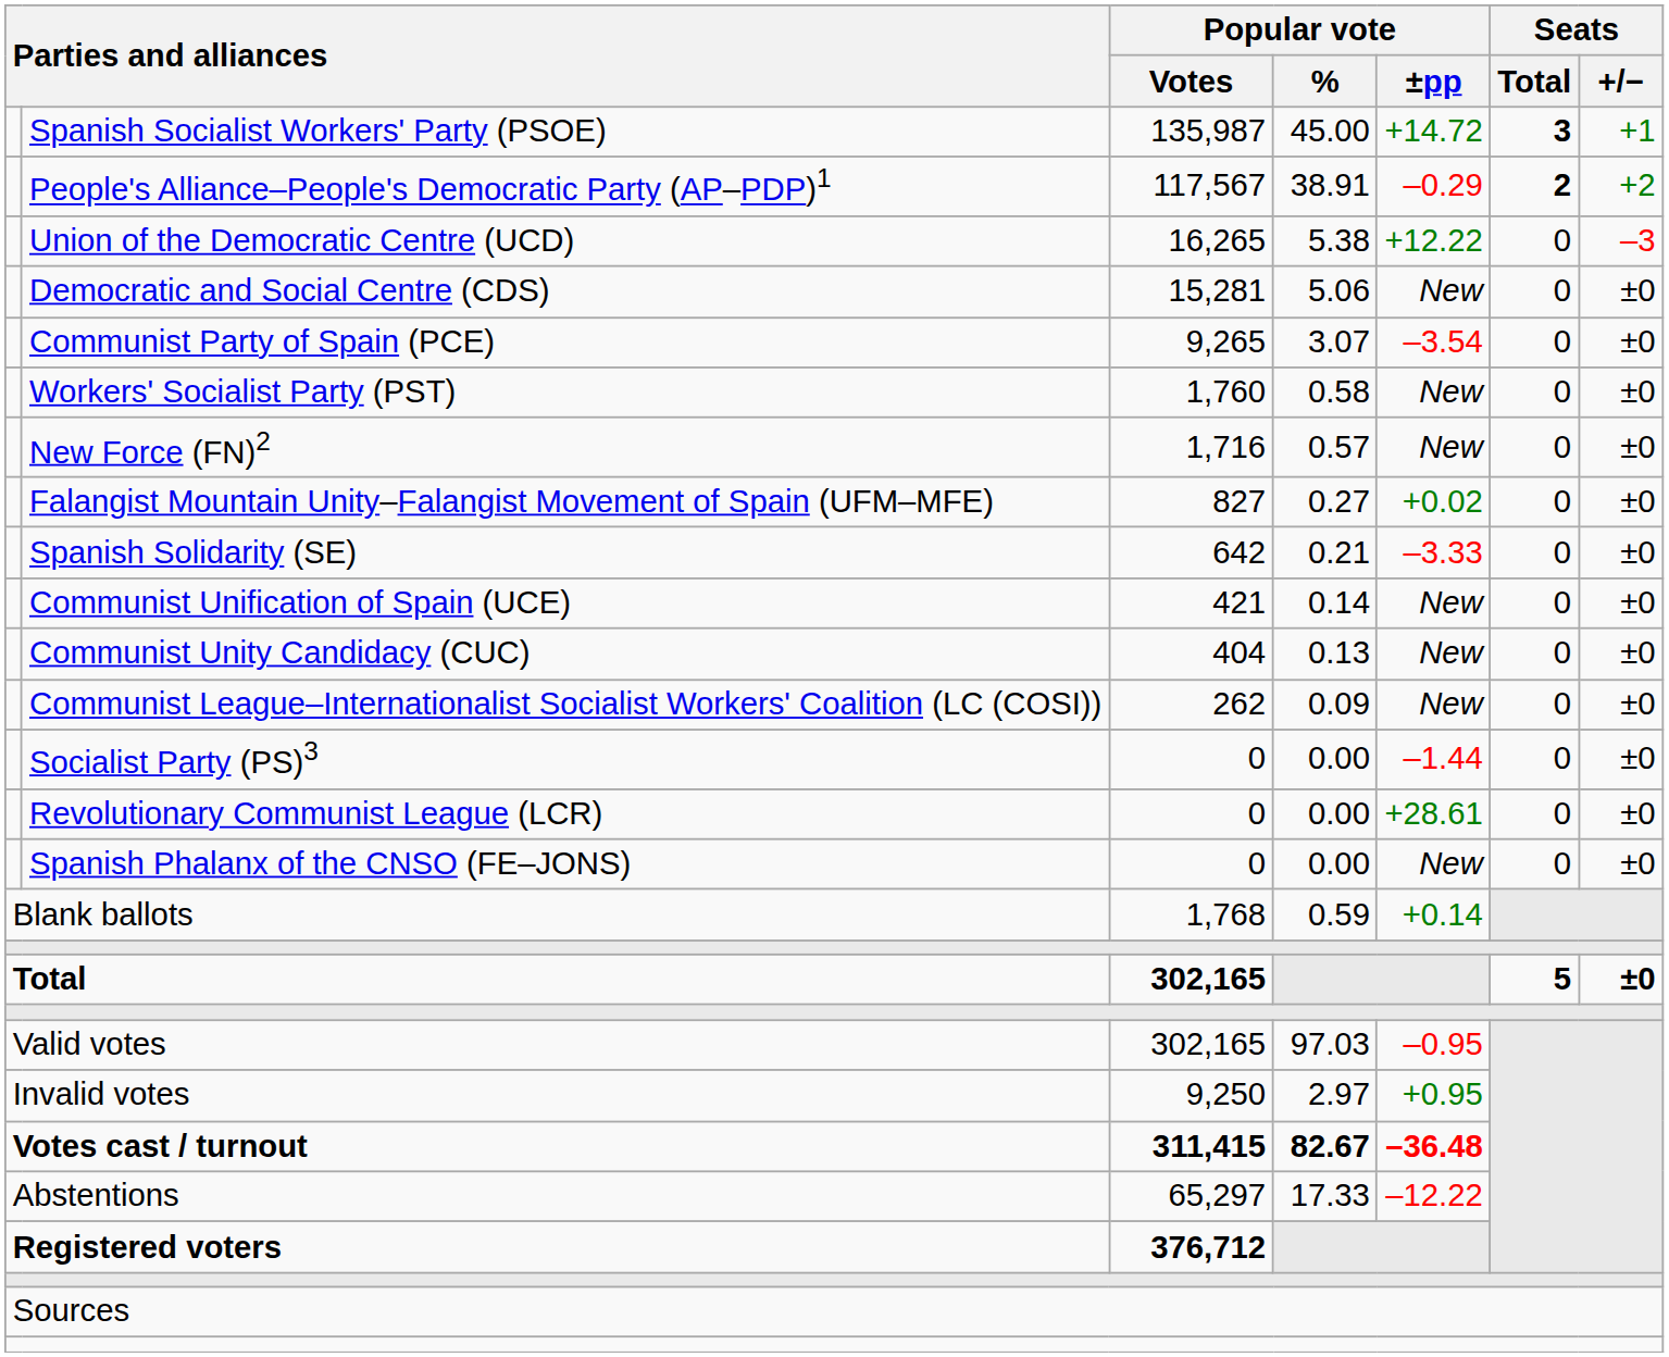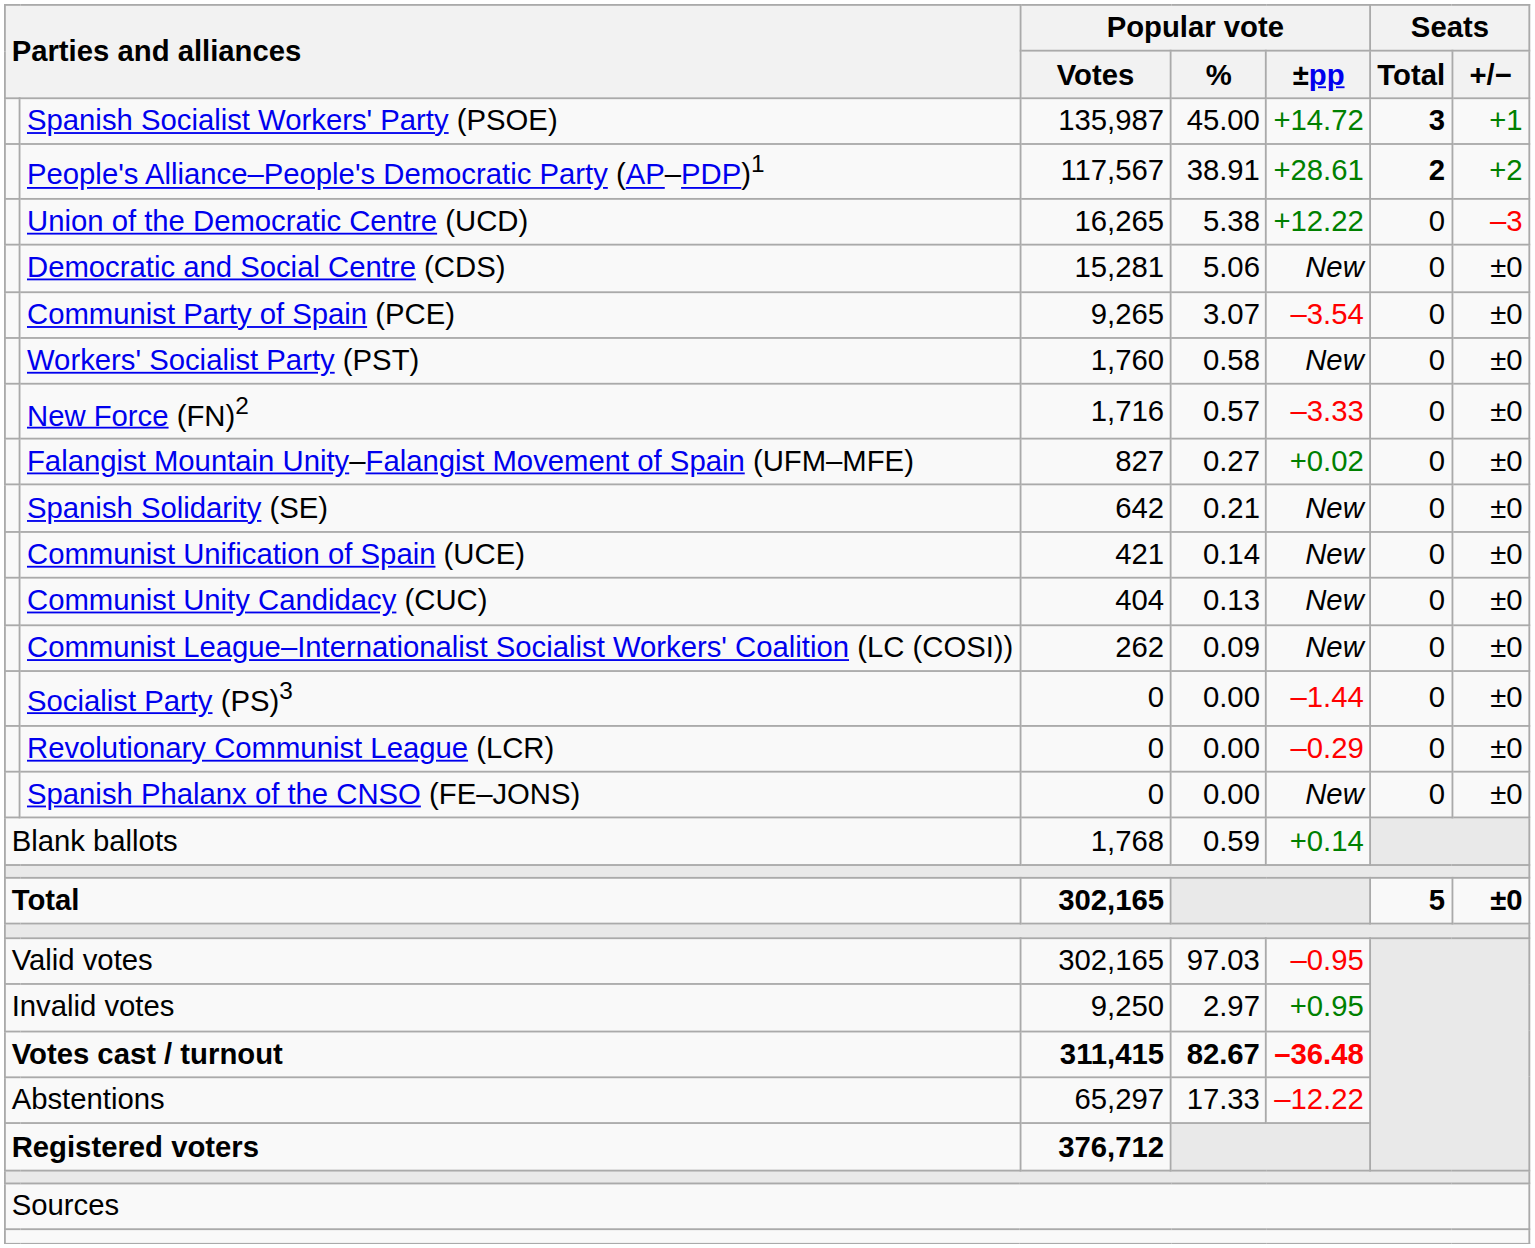 <table class="wikitable" style="text-align:right;">
 <tr>
 <th style="text-align:left;" rowspan="2" colspan="2" width="525">Parties and alliances</th>
 <th colspan="3">Popular vote</th>
 <th colspan="2">Seats</th>
 </tr>
 <tr>
 <th width="75">Votes</th>
 <th width="45">%</th>
 <th width="45">±<a href='#'>pp</a></th>
 <th width="35">Total</th>
 <th width="35">+/−</th>
 </tr>
 <tr>
 <td width="1" style="color:inherit;background:"></td>
 <td align="left"><a href='#'>Spanish Socialist Workers' Party</a> (PSOE)</td>
 <td>135,987</td>
 <td>45.00</td>
 <td style="color:green;">+14.72</td>
 <td><strong>3</strong></td>
 <td style="color:green;">+1</td>
 </tr>
 <tr>
 <td style="color:inherit;background:"></td>
 <td align="left"><a href='#'>People's Alliance–People's Democratic Party</a> (<a href='#'>AP</a>–<a href='#'>PDP</a>)<sup>1</sup></td>
 <td>117,567</td>
 <td>38.91</td>
-<td style="color:red;">–0.29</td>
+<td style="color:green;">+28.61</td>
 <td><strong>2</strong></td>
 <td style="color:green;">+2</td>
 </tr>
 <tr>
 <td style="color:inherit;background:"></td>
 <td align="left"><a href='#'>Union of the Democratic Centre</a> (UCD)</td>
 <td>16,265</td>
 <td>5.38</td>
 <td style="color:green;">+12.22</td>
 <td>0</td>
 <td style="color:red;">–3</td>
 </tr>
 <tr>
 <td style="color:inherit;background:"></td>
 <td align="left"><a href='#'>Democratic and Social Centre</a> (CDS)</td>
 <td>15,281</td>
 <td>5.06</td>
 <td><em>New</em></td>
 <td>0</td>
 <td>±0</td>
 </tr>
 <tr>
 <td style="color:inherit;background:"></td>
 <td align="left"><a href='#'>Communist Party of Spain</a> (PCE)</td>
 <td>9,265</td>
 <td>3.07</td>
 <td style="color:red;">–3.54</td>
 <td>0</td>
 <td>±0</td>
 </tr>
 <tr>
 <td style="color:inherit;background:"></td>
 <td align="left"><a href='#'>Workers' Socialist Party</a> (PST)</td>
 <td>1,760</td>
 <td>0.58</td>
 <td><em>New</em></td>
 <td>0</td>
 <td>±0</td>
 </tr>
 <tr>
 <td style="color:inherit;background:"></td>
 <td align="left"><a href='#'>New Force</a> (FN)<sup>2</sup></td>
 <td>1,716</td>
 <td>0.57</td>
-<td><em>New</em></td>
+<td style="color:red;">–3.33</td>
 <td>0</td>
 <td>±0</td>
 </tr>
 <tr>
 <td style="color:inherit;background:"></td>
 <td align="left"><a href='#'>Falangist Mountain Unity</a>–<a href='#'>Falangist Movement of Spain</a> (UFM–MFE)</td>
 <td>827</td>
 <td>0.27</td>
 <td style="color:green;">+0.02</td>
 <td>0</td>
 <td>±0</td>
 </tr>
 <tr>
 <td style="color:inherit;background:"></td>
 <td align="left"><a href='#'>Spanish Solidarity</a> (SE)</td>
 <td>642</td>
 <td>0.21</td>
-<td style="color:red;">–3.33</td>
+<td><em>New</em></td>
 <td>0</td>
 <td>±0</td>
 </tr>
 <tr>
 <td style="color:inherit;background:"></td>
 <td align="left"><a href='#'>Communist Unification of Spain</a> (UCE)</td>
 <td>421</td>
 <td>0.14</td>
 <td><em>New</em></td>
 <td>0</td>
 <td>±0</td>
 </tr>
 <tr>
 <td style="color:inherit;background:"></td>
 <td align="left"><a href='#'>Communist Unity Candidacy</a> (CUC)</td>
 <td>404</td>
 <td>0.13</td>
 <td><em>New</em></td>
 <td>0</td>
 <td>±0</td>
 </tr>
 <tr>
 <td style="color:inherit;background:"></td>
 <td align="left"><a href='#'>Communist League–Internationalist Socialist Workers' Coalition</a> (LC (COSI))</td>
 <td>262</td>
 <td>0.09</td>
 <td><em>New</em></td>
 <td>0</td>
 <td>±0</td>
 </tr>
 <tr>
 <td style="color:inherit;background:"></td>
 <td align="left"><a href='#'>Socialist Party</a> (PS)<sup>3</sup></td>
 <td>0</td>
 <td>0.00</td>
 <td style="color:red;">–1.44</td>
 <td>0</td>
 <td>±0</td>
 </tr>
 <tr>
 <td style="color:inherit;background:"></td>
 <td align="left"><a href='#'>Revolutionary Communist League</a> (LCR)</td>
 <td>0</td>
 <td>0.00</td>
-<td style="color:green;">+28.61</td>
+<td style="color:red;">–0.29</td>
 <td>0</td>
 <td>±0</td>
 </tr>
 <tr>
 <td style="color:inherit;background:"></td>
 <td align="left"><a href='#'>Spanish Phalanx of the CNSO</a> (FE–JONS)</td>
 <td>0</td>
 <td>0.00</td>
 <td><em>New</em></td>
 <td>0</td>
 <td>±0</td>
 </tr>
 <tr>
 <td align="left" colspan="2">Blank ballots</td>
 <td>1,768</td>
 <td>0.59</td>
 <td style="color:green;">+0.14</td>
 <td bgcolor="#E9E9E9" colspan="2"></td>
 </tr>
 <tr>
 <td colspan="7" bgcolor="#E9E9E9"></td>
 </tr>
 <tr style="font-weight:bold;">
 <td align="left" colspan="2">Total</td>
 <td>302,165</td>
 <td bgcolor="#E9E9E9" colspan="2"></td>
 <td>5</td>
 <td>±0</td>
 </tr>
 <tr>
 <td colspan="7" bgcolor="#E9E9E9"></td>
 </tr>
 <tr>
 <td align="left" colspan="2">Valid votes</td>
 <td>302,165</td>
 <td>97.03</td>
 <td style="color:red;">–0.95</td>
 <td bgcolor="#E9E9E9" colspan="2" rowspan="5"></td>
 </tr>
 <tr>
 <td align="left" colspan="2">Invalid votes</td>
 <td>9,250</td>
 <td>2.97</td>
 <td style="color:green;">+0.95</td>
 </tr>
 <tr style="font-weight:bold;">
 <td align="left" colspan="2">Votes cast / turnout</td>
 <td>311,415</td>
 <td>82.67</td>
 <td style="color:red;">–36.48</td>
 </tr>
 <tr>
 <td align="left" colspan="2">Abstentions</td>
 <td>65,297</td>
 <td>17.33</td>
 <td style="color:red;">–12.22</td>
 </tr>
 <tr style="font-weight:bold;">
 <td align="left" colspan="2">Registered voters</td>
 <td>376,712</td>
 <td bgcolor="#E9E9E9" colspan="2"></td>
 </tr>
 <tr>
 <td colspan="7" bgcolor="#E9E9E9"></td>
 </tr>
 <tr>
 <td align="left" colspan="7">Sources</td>
 </tr>
 <tr>
 <td colspan="7" style="text-align:left; max-width:790px;"></td>
 </tr>
 </table>
